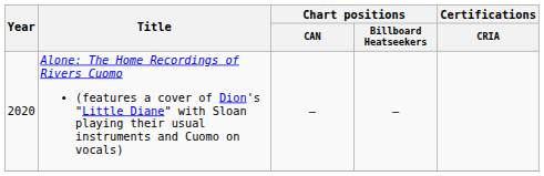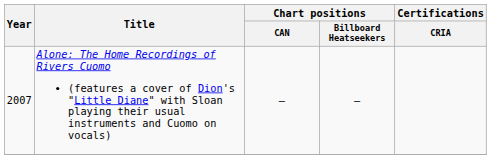 <table class="wikitable">
 <tr>
 <th rowspan="2">Year</th>
 <th rowspan="2">Title</th>
 <th colspan="2">Chart positions</th>
 <th colspan="1">Certifications</th>
 </tr>
 <tr style="font-size: smaller;">
 <th width="90">CAN</th>
 <th width="90">Billboard Heatseekers</th>
 <th width="90">CRIA</th>
 </tr>
 <tr>
-<td>2020</td>
+<td>2007</td>
 <td><em><a href='#'>Alone: The Home Recordings of Rivers Cuomo</a></em><br><ul><li>(features a cover of <a href='#'>Dion</a>'s "<a href='#'>Little Diane</a>" with Sloan playing their usual instruments and Cuomo on vocals)</li></ul></td>
 <td align="center">–</td>
 <td align="center">–</td>
 <td align="center"></td>
 </tr>
 <tr>
 </tr>
 </table>
